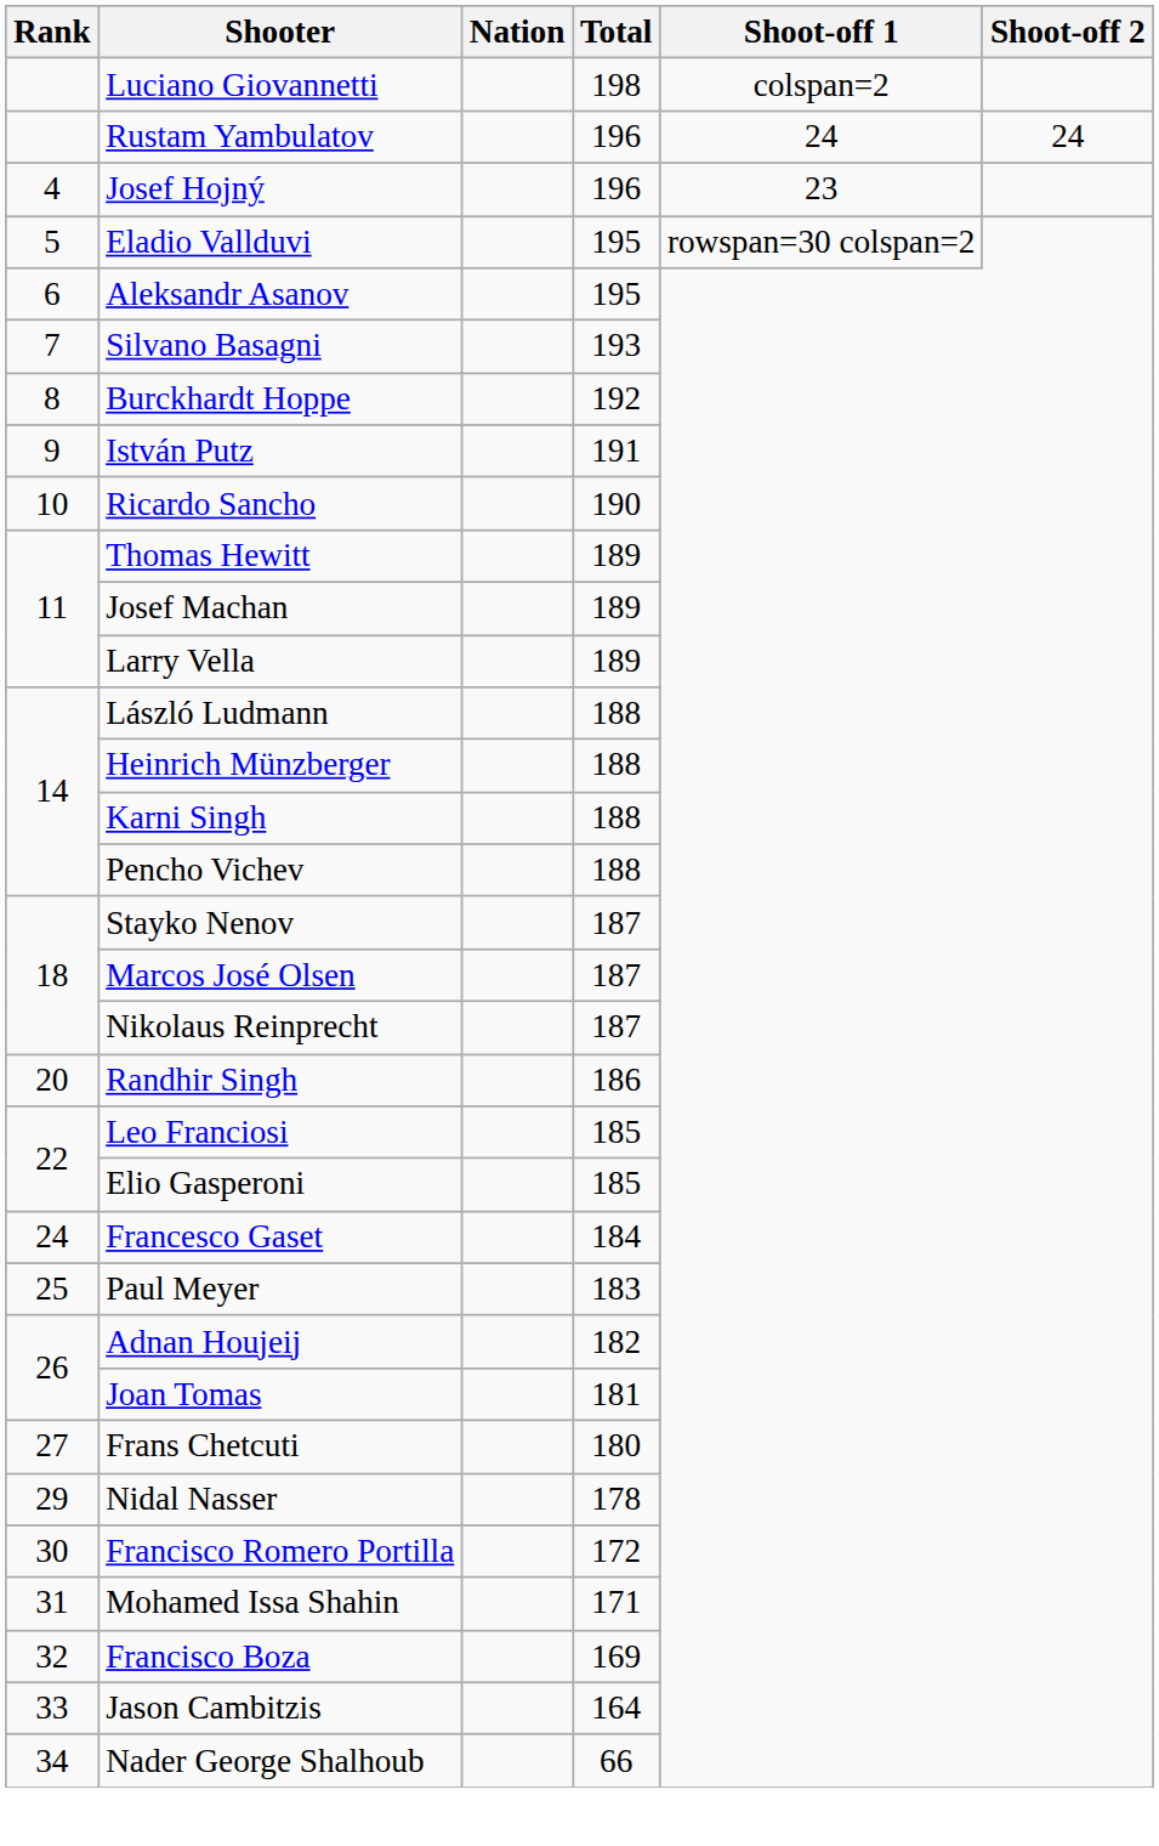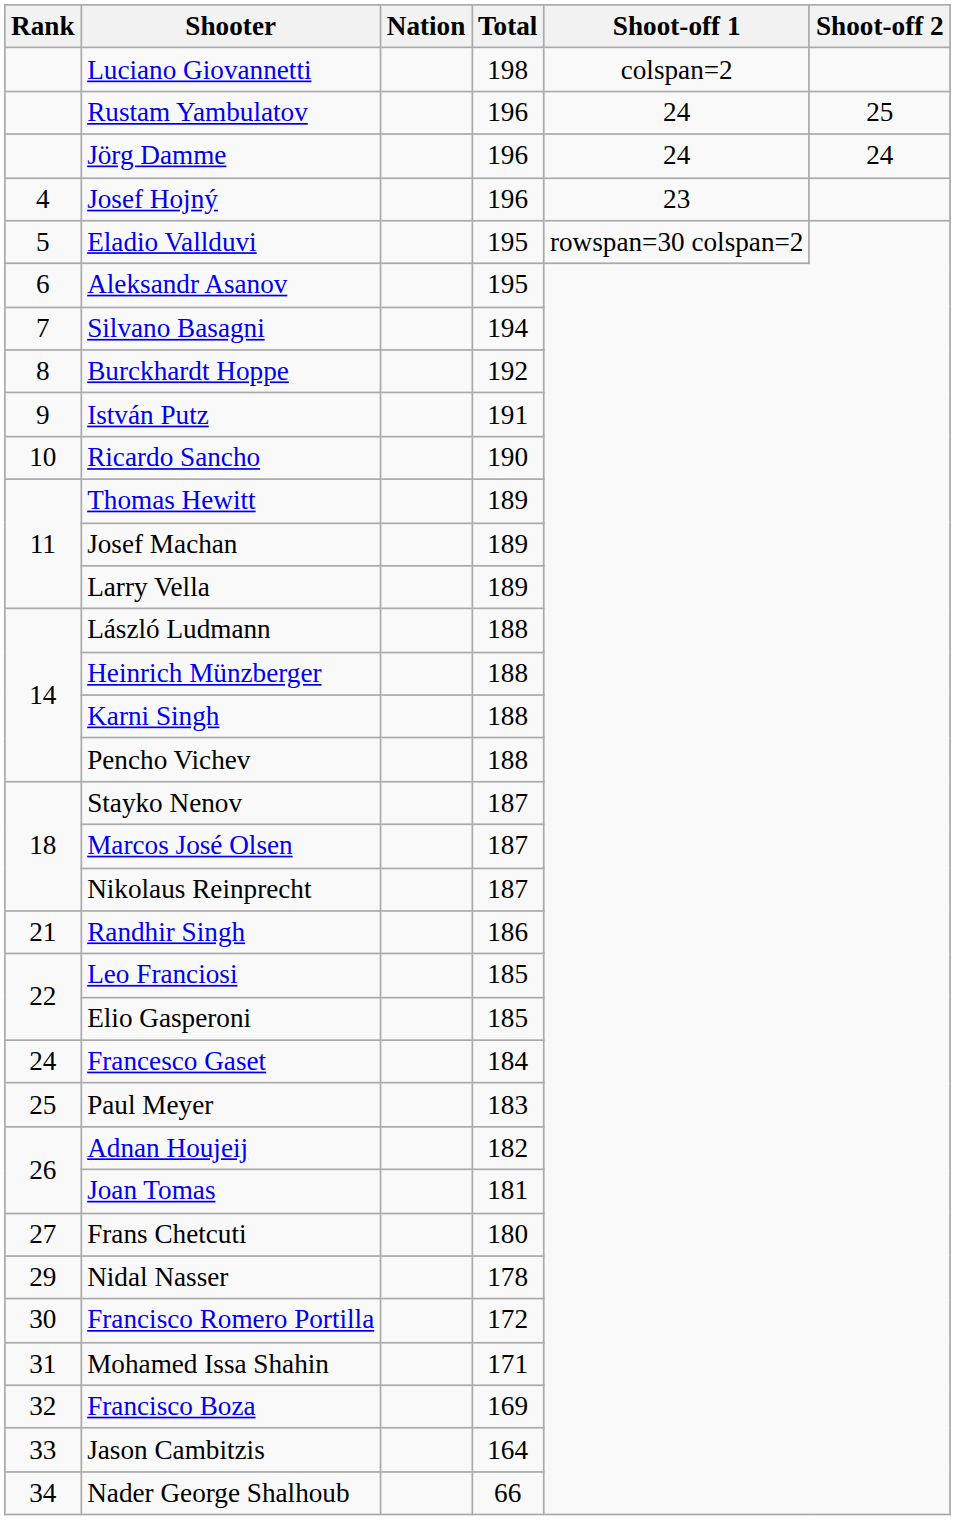 <table class="wikitable sortable" style="text-align:center">
 <tr>
 <th>Rank</th>
 <th>Shooter</th>
 <th>Nation</th>
 <th>Total</th>
 <th>Shoot-off 1</th>
 <th>Shoot-off 2</th>
 </tr>
 <tr>
 <td></td>
 <td align=left><a href='#'>Luciano Giovannetti</a></td>
 <td align=left></td>
 <td>198</td>
 <td>colspan=2 </td>
 </tr>
 <tr>
 <td></td>
 <td align=left><a href='#'>Rustam Yambulatov</a></td>
+<td align=left></td>
+<td>196</td>
+<td>24</td>
+<td>25</td>
+</tr>
+<tr>
+<td></td>
+<td align=left><a href='#'>Jörg Damme</a></td>
 <td align=left></td>
 <td>196</td>
 <td>24</td>
 <td>24</td>
 </tr>
 <tr>
 <td>4</td>
 <td align=left><a href='#'>Josef Hojný</a></td>
 <td align=left></td>
 <td>196</td>
 <td>23</td>
 <td></td>
 </tr>
 <tr>
 <td>5</td>
 <td align=left><a href='#'>Eladio Vallduvi</a></td>
 <td align=left></td>
 <td>195</td>
 <td>rowspan=30 colspan=2 </td>
 </tr>
 <tr>
 <td>6</td>
 <td align=left><a href='#'>Aleksandr Asanov</a></td>
 <td align=left></td>
 <td>195</td>
 </tr>
 <tr>
 <td>7</td>
 <td align=left><a href='#'>Silvano Basagni</a></td>
 <td align=left></td>
-<td>193</td>
+<td>194</td>
 </tr>
 <tr>
 <td>8</td>
 <td align=left><a href='#'>Burckhardt Hoppe</a></td>
 <td align=left></td>
 <td>192</td>
 </tr>
 <tr>
 <td>9</td>
 <td align=left><a href='#'>István Putz</a></td>
 <td align=left></td>
 <td>191</td>
 </tr>
 <tr>
 <td>10</td>
 <td align=left><a href='#'>Ricardo Sancho</a></td>
 <td align=left></td>
 <td>190</td>
 </tr>
 <tr>
 <td rowspan=3>11</td>
 <td align=left><a href='#'>Thomas Hewitt</a></td>
 <td align=left></td>
 <td>189</td>
 </tr>
 <tr>
 <td align=left>Josef Machan</td>
 <td align=left></td>
 <td>189</td>
 </tr>
 <tr>
 <td align=left>Larry Vella</td>
 <td align=left></td>
 <td>189</td>
 </tr>
 <tr>
 <td rowspan=4>14</td>
 <td align=left>László Ludmann</td>
 <td align=left></td>
 <td>188</td>
 </tr>
 <tr>
 <td align=left><a href='#'>Heinrich Münzberger</a></td>
 <td align=left></td>
 <td>188</td>
 </tr>
 <tr>
 <td align=left><a href='#'>Karni Singh</a></td>
 <td align=left></td>
 <td>188</td>
 </tr>
 <tr>
 <td align=left>Pencho Vichev</td>
 <td align=left></td>
 <td>188</td>
 </tr>
 <tr>
 <td rowspan=3>18</td>
 <td align=left>Stayko Nenov</td>
 <td align=left></td>
 <td>187</td>
 </tr>
 <tr>
 <td align=left><a href='#'>Marcos José Olsen</a></td>
 <td align=left></td>
 <td>187</td>
 </tr>
 <tr>
 <td align=left>Nikolaus Reinprecht</td>
 <td align=left></td>
 <td>187</td>
 </tr>
 <tr>
-<td>20</td>
+<td>21</td>
 <td align=left><a href='#'>Randhir Singh</a></td>
 <td align=left></td>
 <td>186</td>
 </tr>
 <tr>
 <td rowspan=2>22</td>
 <td align=left><a href='#'>Leo Franciosi</a></td>
 <td align=left></td>
 <td>185</td>
 </tr>
 <tr>
 <td align=left>Elio Gasperoni</td>
 <td align=left></td>
 <td>185</td>
 </tr>
 <tr>
 <td>24</td>
 <td align=left><a href='#'>Francesco Gaset</a></td>
 <td align=left></td>
 <td>184</td>
 </tr>
 <tr>
 <td>25</td>
 <td align=left>Paul Meyer</td>
 <td align=left></td>
 <td>183</td>
 </tr>
 <tr>
 <td rowspan=2>26</td>
 <td align=left><a href='#'>Adnan Houjeij</a></td>
 <td align=left></td>
 <td>182</td>
 </tr>
 <tr>
 <td align=left><a href='#'>Joan Tomas</a></td>
 <td align=left></td>
 <td>181</td>
 </tr>
 <tr>
 <td>27</td>
 <td align=left>Frans Chetcuti</td>
 <td align=left></td>
 <td>180</td>
 </tr>
 <tr>
 <td>29</td>
 <td align=left>Nidal Nasser</td>
 <td align=left></td>
 <td>178</td>
 </tr>
 <tr>
 <td>30</td>
 <td align=left><a href='#'>Francisco Romero Portilla</a></td>
 <td align=left></td>
 <td>172</td>
 </tr>
 <tr>
 <td>31</td>
 <td align=left>Mohamed Issa Shahin</td>
 <td align=left></td>
 <td>171</td>
 </tr>
 <tr>
 <td>32</td>
 <td align=left><a href='#'>Francisco Boza</a></td>
 <td align=left></td>
 <td>169</td>
 </tr>
 <tr>
 <td>33</td>
 <td align=left>Jason Cambitzis</td>
 <td align=left></td>
 <td>164</td>
 </tr>
 <tr>
 <td>34</td>
 <td align=left>Nader George Shalhoub</td>
 <td align=left></td>
 <td>66</td>
 </tr>
 </table>
